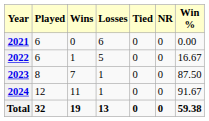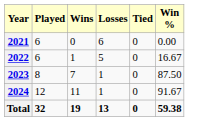 <table class="wikitable" style="width:25%;">
 <tr>
 <th style="background:#ffc;">Year</th>
 <th style="background:#ffc;">Played</th>
 <th style="background:#ffc;">Wins</th>
 <th style="background:#ffc;">Losses</th>
 <th style="background:#ffc;">Tied</th>
-<th style="background:#ffc;">NR</th>
 <th style="background:#ffc;">Win %</th>
 </tr>
 <tr>
 <th><a href='#'>2021</a></th>
 <td>6</td>
 <td>0</td>
 <td>6</td>
-<td>0</td>
 <td>0</td>
 <td>0.00</td>
 </tr>
 <tr>
 <th><a href='#'>2022</a></th>
 <td>6</td>
 <td>1</td>
 <td>5</td>
 <td>0</td>
-<td>0</td>
 <td>16.67</td>
 </tr>
 <tr>
 <th><a href='#'>2023</a></th>
 <td>8</td>
 <td>7</td>
 <td>1</td>
-<td>0</td>
 <td>0</td>
 <td>87.50</td>
 </tr>
 <tr>
 <th><a href='#'>2024</a></th>
 <td>12</td>
 <td>11</td>
 <td>1</td>
 <td>0</td>
-<td>0</td>
 <td>91.67</td>
 </tr>
 <tr>
 <th>Total</th>
 <td><strong>32</strong></td>
 <td><strong>19</strong></td>
 <td><strong>13</strong></td>
 <td><strong>0</strong></td>
-<td><strong>0</strong></td>
 <td><strong>59.38</strong></td>
 </tr>
 </table>
